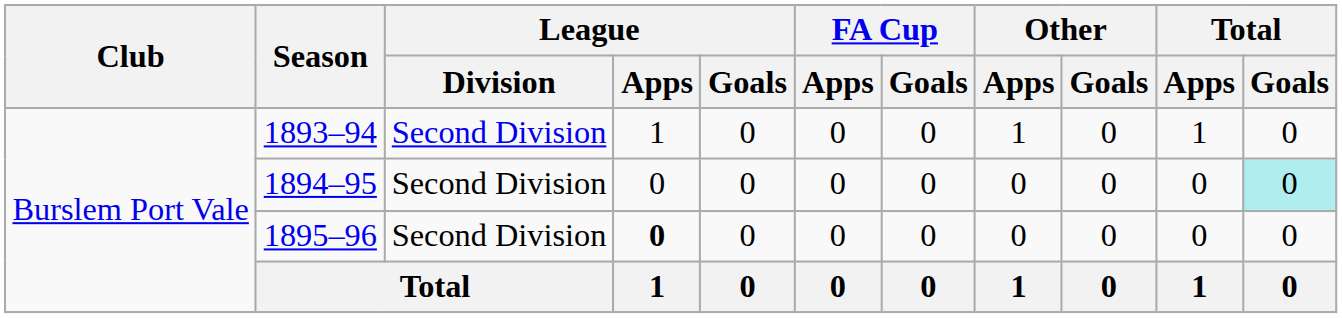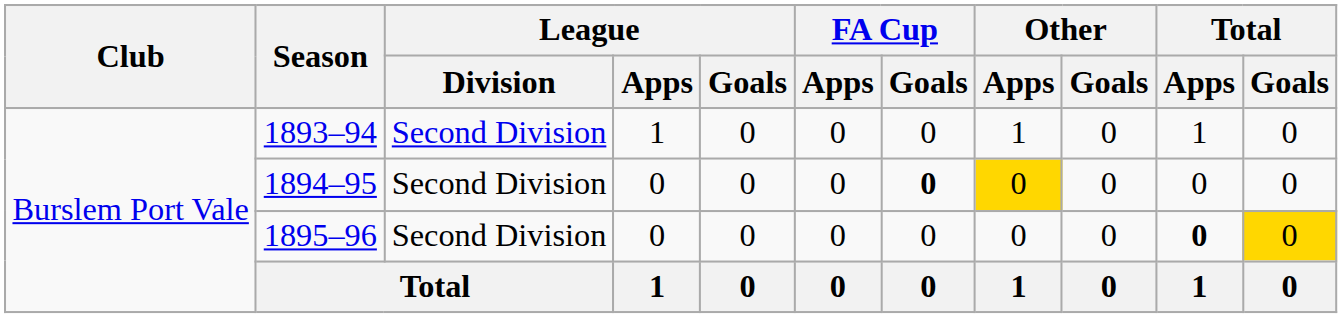 <table class="wikitable" style="text-align:center">
 <tr>
 <th rowspan="2">Club</th>
 <th rowspan="2">Season</th>
 <th colspan="3">League</th>
 <th colspan="2"><a href='#'>FA Cup</a></th>
 <th colspan="2">Other</th>
 <th colspan="2">Total</th>
 </tr>
 <tr>
 <th>Division</th>
 <th>Apps</th>
 <th>Goals</th>
 <th>Apps</th>
 <th>Goals</th>
 <th>Apps</th>
 <th>Goals</th>
 <th>Apps</th>
 <th>Goals</th>
 </tr>
 <tr>
 <td rowspan="4"><a href='#'>Burslem Port Vale</a></td>
 <td><a href='#'>1893–94</a></td>
 <td><a href='#'>Second Division</a></td>
 <td>1</td>
 <td>0</td>
 <td>0</td>
 <td>0</td>
 <td>1</td>
 <td>0</td>
 <td>1</td>
 <td>0</td>
 </tr>
 <tr>
 <td><a href='#'>1894–95</a></td>
 <td>Second Division</td>
 <td>0</td>
 <td>0</td>
 <td>0</td>
+<td><strong>0</strong></td>
+<td style="background: gold;">0</td>
 <td>0</td>
 <td>0</td>
 <td>0</td>
-<td>0</td>
-<td style="background: paleturquoise;">0</td>
 </tr>
 <tr>
 <td><a href='#'>1895–96</a></td>
 <td>Second Division</td>
-<td><strong>0</strong></td>
 <td>0</td>
 <td>0</td>
 <td>0</td>
 <td>0</td>
 <td>0</td>
 <td>0</td>
-<td>0</td>
+<td><strong>0</strong></td>
+<td style="background: gold;">0</td>
 </tr>
 <tr>
 <th colspan="2">Total</th>
 <th>1</th>
 <th>0</th>
 <th>0</th>
 <th>0</th>
 <th>1</th>
 <th>0</th>
 <th>1</th>
 <th>0</th>
 </tr>
 </table>
